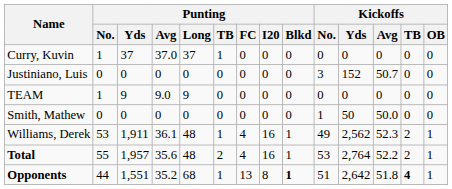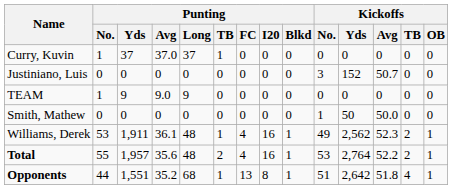 <table class="wikitable" style="white-space:nowrap;">
 <tr>
 <th rowspan="2">Name</th>
 <th colspan="8">Punting</th>
 <th colspan="5">Kickoffs</th>
 </tr>
 <tr>
 <th>No.</th>
 <th>Yds</th>
 <th>Avg</th>
 <th>Long</th>
 <th>TB</th>
 <th>FC</th>
 <th>I20</th>
 <th>Blkd</th>
 <th>No.</th>
 <th>Yds</th>
 <th>Avg</th>
 <th>TB</th>
 <th>OB</th>
 </tr>
 <tr>
 <td>Curry, Kuvin</td>
 <td>1</td>
 <td>37</td>
 <td>37.0</td>
 <td>37</td>
 <td>1</td>
 <td>0</td>
 <td>0</td>
 <td>0</td>
 <td>0</td>
 <td>0</td>
 <td>0</td>
 <td>0</td>
 <td>0</td>
 </tr>
 <tr>
 <td>Justiniano, Luis</td>
 <td>0</td>
 <td>0</td>
 <td>0</td>
 <td>0</td>
 <td>0</td>
 <td>0</td>
 <td>0</td>
 <td>0</td>
 <td>3</td>
 <td>152</td>
 <td>50.7</td>
 <td>0</td>
 <td>0</td>
 </tr>
 <tr>
 <td>TEAM</td>
 <td>1</td>
 <td>9</td>
 <td>9.0</td>
 <td>9</td>
 <td>0</td>
 <td>0</td>
 <td>0</td>
 <td>0</td>
 <td>0</td>
 <td>0</td>
 <td>0</td>
 <td>0</td>
 <td>0</td>
 </tr>
 <tr>
 <td>Smith, Mathew</td>
 <td>0</td>
 <td>0</td>
 <td>0</td>
 <td>0</td>
 <td>0</td>
 <td>0</td>
 <td>0</td>
 <td>0</td>
 <td>1</td>
 <td>50</td>
 <td>50.0</td>
 <td>0</td>
 <td>0</td>
 </tr>
 <tr>
 <td>Williams, Derek</td>
 <td>53</td>
 <td>1,911</td>
 <td>36.1</td>
 <td>48</td>
 <td>1</td>
 <td>4</td>
 <td>16</td>
 <td>1</td>
 <td>49</td>
 <td>2,562</td>
 <td>52.3</td>
 <td>2</td>
 <td>1</td>
 </tr>
 <tr>
 <td><strong>Total</strong></td>
 <td>55</td>
 <td>1,957</td>
 <td>35.6</td>
 <td>48</td>
 <td>2</td>
 <td>4</td>
 <td>16</td>
 <td>1</td>
 <td>53</td>
 <td>2,764</td>
 <td>52.2</td>
 <td>2</td>
 <td>1</td>
 </tr>
 <tr>
 <td><strong>Opponents</strong></td>
 <td>44</td>
 <td>1,551</td>
 <td>35.2</td>
 <td>68</td>
 <td>1</td>
 <td>13</td>
 <td>8</td>
-<td><strong>1</strong></td>
+<td>1</td>
 <td>51</td>
 <td>2,642</td>
 <td>51.8</td>
-<td><strong>4</strong></td>
+<td>4</td>
 <td>1</td>
 </tr>
 </table>
